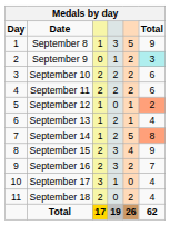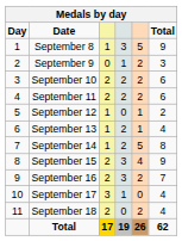 <table class="wikitable" style="font-size:85%; float:right">
 <tr align=center>
 <th colspan=7>Medals by day</th>
 </tr>
 <tr align=center>
 <td><strong>Day</strong></td>
 <td><strong>Date</strong></td>
 <td style="background:#f7f6a8;"></td>
 <td style="background:#dce5e5;"></td>
 <td style="background:#ffdab9;"></td>
 <td><strong>Total</strong></td>
 </tr>
 <tr align=center>
 <td>1</td>
 <td>September 8</td>
 <td style="background:#f7f6a8;">1</td>
 <td style="background:#dce5e5;">3</td>
 <td style="background:#ffdab9;">5</td>
 <td>9</td>
 </tr>
 <tr align=center>
 <td>2</td>
 <td>September 9</td>
 <td style="background:#f7f6a8;">0</td>
 <td style="background:#dce5e5;">1</td>
 <td style="background:#ffdab9;">2</td>
-<td style="background: paleturquoise;">3</td>
+<td>3</td>
 </tr>
 <tr align=center>
 <td>3</td>
 <td>September 10</td>
 <td style="background:#f7f6a8;">2</td>
 <td style="background:#dce5e5;">2</td>
 <td style="background:#ffdab9;">2</td>
 <td>6</td>
 </tr>
 <tr align=center>
 <td>4</td>
 <td>September 11</td>
 <td style="background:#f7f6a8;">2</td>
 <td style="background:#dce5e5;">2</td>
 <td style="background:#ffdab9;">2</td>
 <td>6</td>
 </tr>
 <tr align=center>
 <td>5</td>
 <td>September 12</td>
 <td style="background:#f7f6a8;">1</td>
 <td style="background:#dce5e5;">0</td>
 <td style="background:#ffdab9;">1</td>
-<td style="background: lightsalmon;">2</td>
+<td>2</td>
 </tr>
 <tr align=center>
 <td>6</td>
 <td>September 13</td>
 <td style="background:#f7f6a8;">1</td>
 <td style="background:#dce5e5;">2</td>
 <td style="background:#ffdab9;">1</td>
 <td>4</td>
 </tr>
 <tr align=center>
 <td>7</td>
 <td>September 14</td>
 <td style="background:#f7f6a8;">1</td>
 <td style="background:#dce5e5;">2</td>
 <td style="background:#ffdab9;">5</td>
-<td style="background: lightsalmon;">8</td>
+<td>8</td>
 </tr>
 <tr align=center>
 <td>8</td>
 <td>September 15</td>
 <td style="background:#f7f6a8;">2</td>
 <td style="background:#dce5e5;">3</td>
 <td style="background:#ffdab9;">4</td>
 <td>9</td>
 </tr>
 <tr align=center>
 <td>9</td>
 <td>September 16</td>
 <td style="background:#f7f6a8;">2</td>
 <td style="background:#dce5e5;">3</td>
 <td style="background:#ffdab9;">2</td>
 <td>7</td>
 </tr>
 <tr align=center>
 <td>10</td>
 <td>September 17</td>
 <td style="background:#f7f6a8;">3</td>
 <td style="background:#dce5e5;">1</td>
 <td style="background:#ffdab9;">0</td>
 <td>4</td>
 </tr>
 <tr align=center>
 <td>11</td>
 <td>September 18</td>
 <td style="background:#f7f6a8;">2</td>
 <td style="background:#dce5e5;">0</td>
 <td style="background:#ffdab9;">2</td>
 <td>4</td>
 </tr>
 <tr align=center>
 <td></td>
 <td><strong>Total</strong></td>
 <td style="background:gold;"><strong>17</strong></td>
 <td style="background:silver;"><strong>19</strong></td>
 <td style="background:#c96;"><strong>26</strong></td>
 <td><strong>62</strong></td>
 </tr>
 </table>
